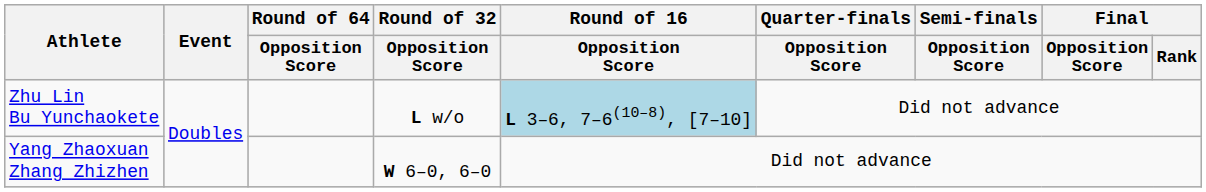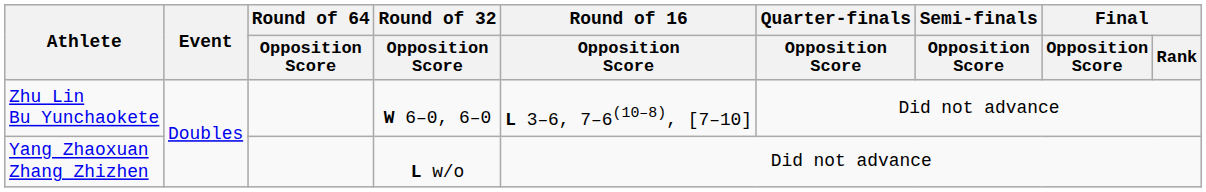 <table class=wikitable style="font-size:90%; text-align:center;">
 <tr>
 <th rowspan="2">Athlete</th>
 <th rowspan="2">Event</th>
 <th>Round of 64</th>
 <th>Round of 32</th>
 <th>Round of 16</th>
 <th>Quarter-finals</th>
 <th>Semi-finals</th>
 <th colspan=2>Final</th>
 </tr>
 <tr style="font-size:95%">
 <th>Opposition<br>Score</th>
 <th>Opposition<br>Score</th>
 <th>Opposition<br>Score</th>
 <th>Opposition<br>Score</th>
 <th>Opposition<br>Score</th>
 <th>Opposition<br>Score</th>
 <th>Rank</th>
 </tr>
 <tr>
 <td align=left><a href='#'>Zhu Lin</a><br><a href='#'>Bu Yunchaokete</a></td>
 <td align=left rowspan=2><a href='#'>Doubles</a></td>
 <td></td>
-<td><br><strong>L</strong> w/o</td>
-<td style="background: lightblue;"><br><strong>L</strong> 3–6, 7–6<sup>(10–8)</sup>, [7–10]</td>
+<td><br><strong>W</strong> 6–0, 6–0</td>
+<td><br><strong>L</strong> 3–6, 7–6<sup>(10–8)</sup>, [7–10]</td>
 <td colspan=4>Did not advance</td>
 </tr>
 <tr>
 <td align=left><a href='#'>Yang Zhaoxuan</a><br><a href='#'>Zhang Zhizhen</a></td>
 <td></td>
-<td><br><strong>W</strong> 6–0, 6–0</td>
+<td><br><strong>L</strong> w/o</td>
 <td colspan=5>Did not advance</td>
 </tr>
 </table>
